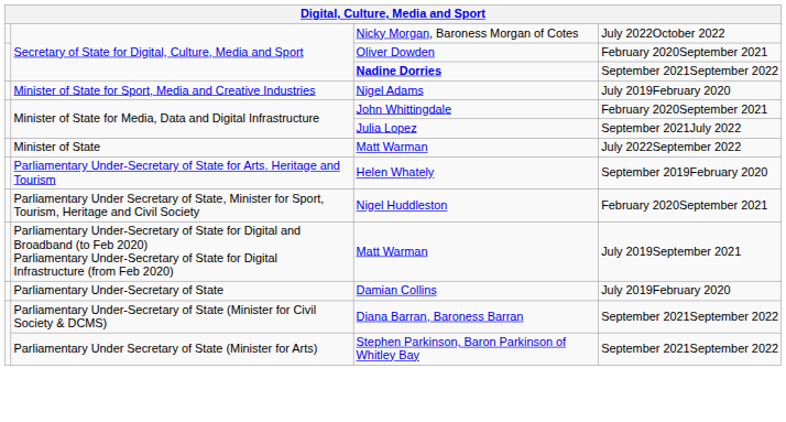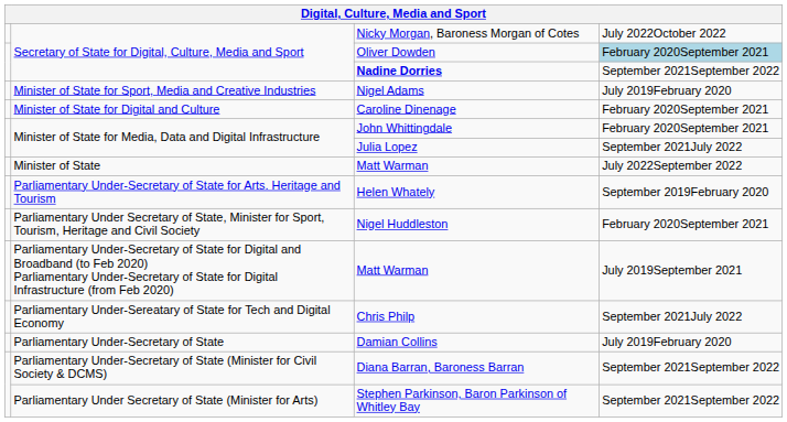 <table class="wikitable">
 <tr>
 <th colspan="4"><a href='#'>Digital, Culture, Media and Sport</a></th>
 </tr>
 <tr>
 <td style="width: 1px; background: "></td>
 <td rowspan=3 style="width: 450px;"><a href='#'>Secretary of State for Digital, Culture, Media and Sport</a></td>
 <td style="width: 320px;"><a href='#'>Nicky Morgan</a>, Baroness Morgan of Cotes</td>
 <td>July 2022October 2022</td>
 </tr>
 <tr>
 <td rowspan=2 style="width: 1px; background: "></td>
 <td><a href='#'>Oliver Dowden</a></td>
-<td>February 2020September 2021</td>
+<td style="background: lightblue;">February 2020September 2021</td>
 </tr>
 <tr>
 <td><strong><a href='#'>Nadine Dorries</a></strong></td>
 <td>September 2021September 2022</td>
 </tr>
 <tr>
 <td style="width: 1px; background: "></td>
 <td style="width: 450px;"><a href='#'>Minister of State for Sport, Media and Creative Industries</a></td>
 <td style="width: 320px;"><a href='#'>Nigel Adams</a></td>
 <td>July 2019February 2020</td>
+</tr>
+<tr>
+<td style="width: 1px; background: "></td>
+<td style="width: 450px;"><a href='#'>Minister of State for Digital and Culture</a></td>
+<td><a href='#'>Caroline Dinenage</a></td>
+<td>February 2020September 2021</td>
 </tr>
 <tr>
 <td rowspan=2 style="width: 1px; background: "></td>
 <td rowspan=2>Minister of State for Media, Data and Digital Infrastructure</td>
 <td><a href='#'>John Whittingdale</a></td>
 <td>February 2020September 2021</td>
 </tr>
 <tr>
 <td><a href='#'>Julia Lopez</a></td>
 <td>September 2021July 2022</td>
 </tr>
 <tr>
 <td style="width: 1px; background: "></td>
 <td>Minister of State</td>
 <td><a href='#'>Matt Warman</a></td>
 <td>July 2022September 2022</td>
 </tr>
 <tr>
 <td style="width: 1px; background: "></td>
 <td style="width: 450px;"><a href='#'>Parliamentary Under-Secretary of State for Arts. Heritage and Tourism</a></td>
 <td><a href='#'>Helen Whately</a></td>
 <td>September 2019February 2020</td>
 </tr>
 <tr>
 <td style="width: 1px; background: "></td>
 <td style="width: 450px;">Parliamentary Under Secretary of State, Minister for Sport, Tourism, Heritage and Civil Society</td>
 <td><a href='#'>Nigel Huddleston</a></td>
 <td>February 2020September 2021</td>
 </tr>
 <tr>
 <td style="width: 1px; background: "></td>
 <td>Parliamentary Under-Secretary of State for Digital and Broadband (to Feb 2020)<br>Parliamentary Under-Secretary of State for Digital Infrastructure (from Feb 2020)</td>
 <td><a href='#'>Matt Warman</a></td>
 <td>July 2019September 2021</td>
 </tr>
 <tr>
 <td style="width: 1px; background: "></td>
+<td>Parliamentary Under-Sereatary of State for Tech and Digital Economy</td>
+<td><a href='#'>Chris Philp</a></td>
+<td>September 2021July 2022</td>
+</tr>
+<tr>
+<td style="width: 1px; background: "></td>
 <td>Parliamentary Under-Secretary of State</td>
 <td><a href='#'>Damian Collins</a></td>
 <td>July 2019February 2020</td>
 </tr>
 <tr>
 <td rowspan=2 style="width: 1px; background: "></td>
 <td>Parliamentary Under-Secretary of State (Minister for Civil Society & DCMS)</td>
 <td><a href='#'>Diana Barran, Baroness Barran</a> </td>
 <td>September 2021September 2022</td>
 </tr>
 <tr>
 <td>Parliamentary Under Secretary of State (Minister for Arts)</td>
 <td><a href='#'>Stephen Parkinson, Baron Parkinson of Whitley Bay</a> </td>
 <td>September 2021September 2022</td>
 </tr>
 </table>
